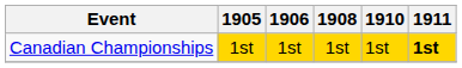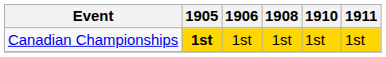 <table class="wikitable">
 <tr>
 <th>Event</th>
 <th>1905</th>
 <th>1906</th>
 <th>1908</th>
 <th>1910</th>
 <th>1911</th>
 </tr>
 <tr>
 <td><a href='#'>Canadian Championships</a></td>
-<td align="center" bgcolor="gold">1st</td>
+<td align="center" bgcolor="gold"><strong>1st</strong></td>
 <td align="center" bgcolor="gold">1st</td>
 <td align="center" bgcolor="gold">1st</td>
 <td  align="center" bgcolor="gold">1st</td>
-<td  align="center" bgcolor="gold"><strong>1st</strong></td>
+<td  align="center" bgcolor="gold">1st</td>
 </tr>
 <tr>
 </tr>
 </table>
